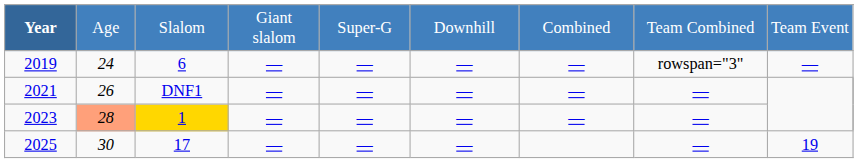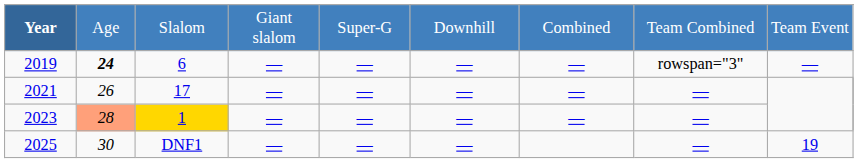 <table class="wikitable"  style="font-size:95%; text-align:center; border:gray solid 1px; width:40%;">
 <tr style="background:#369; color:white;">
 <td rowspan="2" style="width:4%;"><strong>Year</strong></td>
 </tr>
 <tr style="background:#4180be; color:white;">
 <td style="width:3%;">Age</td>
 <td style="width:5%;">Slalom</td>
 <td style="width:5%;">Giant<br>slalom</td>
 <td style="width:5%;">Super-G</td>
 <td style="width:5%;">Downhill</td>
 <td style="width:5%;">Combined</td>
 <td style="width:5%;">Team Combined</td>
 <td style="width:5%;">Team Event</td>
 </tr>
 <tr>
 <td><a href='#'>2019</a></td>
-<td><em>24</em></td>
+<td><strong><em>24</em></strong></td>
 <td><a href='#'>6</a></td>
 <td><a href='#'>—</a></td>
 <td><a href='#'>—</a></td>
 <td><a href='#'>—</a></td>
 <td><a href='#'>—</a></td>
 <td>rowspan="3" </td>
 <td><a href='#'>—</a></td>
 </tr>
 <tr>
 <td><a href='#'>2021</a></td>
 <td><em>26</em></td>
-<td><a href='#'>DNF1</a></td>
+<td><a href='#'>17</a></td>
 <td><a href='#'>—</a></td>
 <td><a href='#'>—</a></td>
 <td><a href='#'>—</a></td>
 <td><a href='#'>—</a></td>
 <td><a href='#'>—</a></td>
 </tr>
 <tr>
 <td><a href='#'>2023</a></td>
 <td style="background: lightsalmon;"><em>28</em></td>
 <td style="background:gold;"><a href='#'>1</a></td>
 <td><a href='#'>—</a></td>
 <td><a href='#'>—</a></td>
 <td><a href='#'>—</a></td>
 <td><a href='#'>—</a></td>
 <td><a href='#'>—</a></td>
 </tr>
 <tr>
 <td><a href='#'>2025</a></td>
 <td><em>30</em></td>
-<td><a href='#'>17</a></td>
+<td><a href='#'>DNF1</a></td>
 <td><a href='#'>—</a></td>
 <td><a href='#'>—</a></td>
 <td><a href='#'>—</a></td>
 <td></td>
 <td><a href='#'>—</a></td>
 <td><a href='#'>19</a></td>
 </tr>
 </table>
